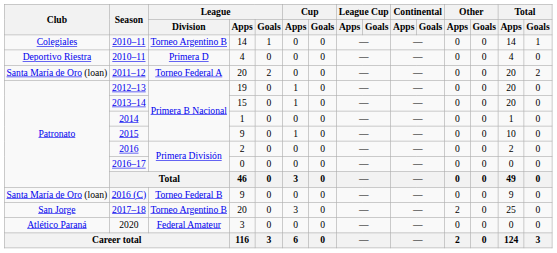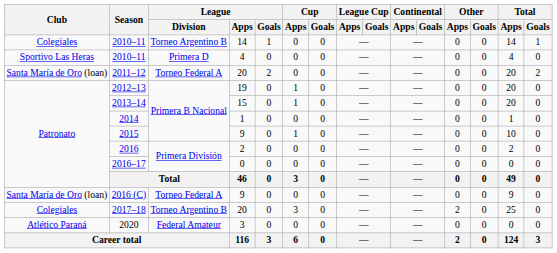 <table class="wikitable" style="text-align:center">
 <tr>
 <th rowspan="2">Club</th>
 <th rowspan="2">Season</th>
 <th colspan="3">League</th>
 <th colspan="2">Cup</th>
 <th colspan="2">League Cup</th>
 <th colspan="2">Continental</th>
 <th colspan="2">Other</th>
 <th colspan="2">Total</th>
 </tr>
 <tr>
 <th>Division</th>
 <th>Apps</th>
 <th>Goals</th>
 <th>Apps</th>
 <th>Goals</th>
 <th>Apps</th>
 <th>Goals</th>
 <th>Apps</th>
 <th>Goals</th>
 <th>Apps</th>
 <th>Goals</th>
 <th>Apps</th>
 <th>Goals</th>
 </tr>
 <tr>
 <td rowspan="1"><a href='#'>Colegiales</a></td>
 <td><a href='#'>2010–11</a></td>
 <td rowspan="1"><a href='#'>Torneo Argentino B</a></td>
 <td>14</td>
 <td>1</td>
 <td>0</td>
 <td>0</td>
 <td colspan="2">—</td>
 <td colspan="2">—</td>
 <td>0</td>
 <td>0</td>
 <td>14</td>
 <td>1</td>
 </tr>
 <tr>
-<td rowspan="1"><a href='#'>Deportivo Riestra</a></td>
+<td rowspan="1"><a href='#'>Sportivo Las Heras</a></td>
 <td><a href='#'>2010–11</a></td>
 <td rowspan="1"><a href='#'>Primera D</a></td>
 <td>4</td>
 <td>0</td>
 <td>0</td>
 <td>0</td>
 <td colspan="2">—</td>
 <td colspan="2">—</td>
 <td>0</td>
 <td>0</td>
 <td>4</td>
 <td>0</td>
 </tr>
 <tr>
 <td rowspan="1"><a href='#'>Santa María de Oro</a> (loan)</td>
 <td><a href='#'>2011–12</a></td>
 <td rowspan="1"><a href='#'>Torneo Federal A</a></td>
 <td>20</td>
 <td>2</td>
 <td>0</td>
 <td>0</td>
 <td colspan="2">—</td>
 <td colspan="2">—</td>
 <td>0</td>
 <td>0</td>
 <td>20</td>
 <td>2</td>
 </tr>
 <tr>
 <td rowspan="7"><a href='#'>Patronato</a></td>
 <td><a href='#'>2012–13</a></td>
 <td rowspan="4"><a href='#'>Primera B Nacional</a></td>
 <td>19</td>
 <td>0</td>
 <td>1</td>
 <td>0</td>
 <td colspan="2">—</td>
 <td colspan="2">—</td>
 <td>0</td>
 <td>0</td>
 <td>20</td>
 <td>0</td>
 </tr>
 <tr>
 <td><a href='#'>2013–14</a></td>
 <td>15</td>
 <td>0</td>
 <td>1</td>
 <td>0</td>
 <td colspan="2">—</td>
 <td colspan="2">—</td>
 <td>0</td>
 <td>0</td>
 <td>20</td>
 <td>0</td>
 </tr>
 <tr>
 <td><a href='#'>2014</a></td>
 <td>1</td>
 <td>0</td>
 <td>0</td>
 <td>0</td>
 <td colspan="2">—</td>
 <td colspan="2">—</td>
 <td>0</td>
 <td>0</td>
 <td>1</td>
 <td>0</td>
 </tr>
 <tr>
 <td><a href='#'>2015</a></td>
 <td>9</td>
 <td>0</td>
 <td>1</td>
 <td>0</td>
 <td colspan="2">—</td>
 <td colspan="2">—</td>
 <td>0</td>
 <td>0</td>
 <td>10</td>
 <td>0</td>
 </tr>
 <tr>
 <td><a href='#'>2016</a></td>
 <td rowspan="2"><a href='#'>Primera División</a></td>
 <td>2</td>
 <td>0</td>
 <td>0</td>
 <td>0</td>
 <td colspan="2">—</td>
 <td colspan="2">—</td>
 <td>0</td>
 <td>0</td>
 <td>2</td>
 <td>0</td>
 </tr>
 <tr>
 <td><a href='#'>2016–17</a></td>
 <td>0</td>
 <td>0</td>
 <td>0</td>
 <td>0</td>
 <td colspan="2">—</td>
 <td colspan="2">—</td>
 <td>0</td>
 <td>0</td>
 <td>0</td>
 <td>0</td>
 </tr>
 <tr>
 <th colspan="2">Total</th>
 <th>46</th>
 <th>0</th>
 <th>3</th>
 <th>0</th>
 <th colspan="2">—</th>
 <th colspan="2">—</th>
 <th>0</th>
 <th>0</th>
 <th>49</th>
 <th>0</th>
 </tr>
 <tr>
 <td rowspan="1"><a href='#'>Santa María de Oro</a> (loan)</td>
 <td><a href='#'>2016 (C)</a></td>
-<td rowspan="1"><a href='#'>Torneo Federal B</a></td>
+<td rowspan="1"><a href='#'>Torneo Federal A</a></td>
 <td>9</td>
 <td>0</td>
 <td>0</td>
 <td>0</td>
 <td colspan="2">—</td>
 <td colspan="2">—</td>
 <td>0</td>
 <td>0</td>
 <td>9</td>
 <td>0</td>
 </tr>
 <tr>
-<td rowspan="1"><a href='#'>San Jorge</a></td>
+<td rowspan="1"><a href='#'>Colegiales</a></td>
 <td><a href='#'>2017–18</a></td>
 <td rowspan="1"><a href='#'>Torneo Argentino B</a></td>
 <td>20</td>
 <td>0</td>
 <td>3</td>
 <td>0</td>
 <td colspan="2">—</td>
 <td colspan="2">—</td>
 <td>2</td>
 <td>0</td>
 <td>25</td>
 <td>0</td>
 </tr>
 <tr>
 <td rowspan="1"><a href='#'>Atlético Paraná</a></td>
 <td>2020</td>
 <td rowspan="1"><a href='#'>Federal Amateur</a></td>
 <td>3</td>
 <td>0</td>
 <td>0</td>
 <td>0</td>
 <td colspan="2">—</td>
 <td colspan="2">—</td>
 <td>0</td>
 <td>0</td>
 <td>0</td>
 <td>0</td>
 </tr>
 <tr>
 <th colspan="3">Career total</th>
 <th>116</th>
 <th>3</th>
 <th>6</th>
 <th>0</th>
 <th colspan="2">—</th>
 <th colspan="2">—</th>
 <th>2</th>
 <th>0</th>
 <th>124</th>
 <th>3</th>
 </tr>
 </table>
